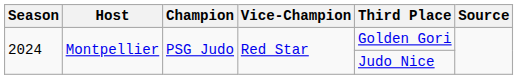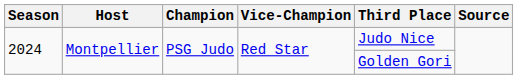 <table class="wikitable">
 <tr>
 <th>Season</th>
 <th>Host</th>
 <th>Champion</th>
 <th>Vice-Champion</th>
 <th>Third Place</th>
 <th>Source</th>
 </tr>
 <tr>
 <td rowspan="2">2024</td>
 <td rowspan="2"> <a href='#'>Montpellier</a></td>
 <td rowspan="2"> <a href='#'>PSG Judo</a></td>
 <td rowspan="2"> <a href='#'>Red Star</a></td>
-<td> <a href='#'>Golden Gori</a></td>
+<td> <a href='#'>Judo Nice</a></td>
 <td rowspan="2"></td>
 </tr>
 <tr>
-<td> <a href='#'>Judo Nice</a></td>
+<td> <a href='#'>Golden Gori</a></td>
 </tr>
 </table>
